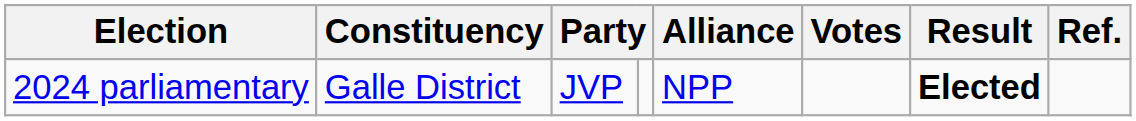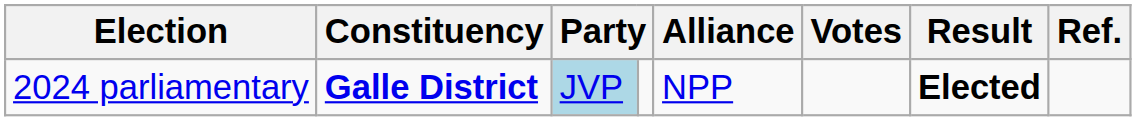 <table class="wikitable" style="text-align:left;">
 <tr>
 <th scope=col>Election</th>
 <th scope=col>Constituency</th>
 <th scope=col colspan="2">Party</th>
 <th scope=col>Alliance</th>
 <th scope=col>Votes</th>
 <th scope=col>Result</th>
 <th scope=col>Ref.</th>
 </tr>
 <tr>
 <td><a href='#'>2024 parliamentary</a></td>
-<td><a href='#'>Galle District</a></td>
-<td><a href='#'>JVP</a></td>
+<td><strong><a href='#'>Galle District</a></strong></td>
+<td style="background: lightblue;"><a href='#'>JVP</a></td>
 <td rowspan="8" style="background:"></td>
 <td><a href='#'>NPP</a></td>
 <td align=right></td>
 <td><strong>Elected</strong></td>
 <td></td>
 </tr>
 </table>
